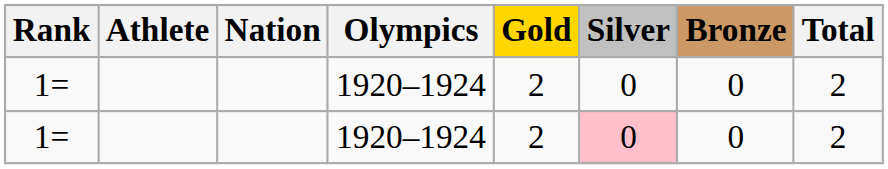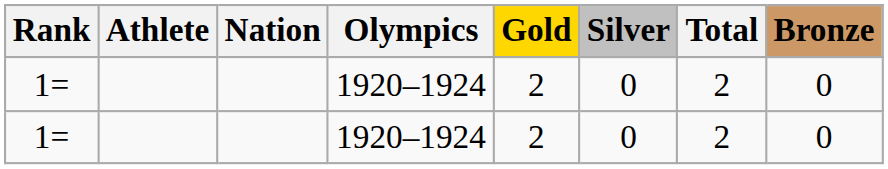 <table class="wikitable sortable" style="text-align:center">
 <tr>
 <th>Rank</th>
 <th>Athlete</th>
 <th>Nation</th>
 <th>Olympics</th>
 <th style="background-color:gold">Gold</th>
 <th style="background-color:silver">Silver</th>
+<th>Total</th>
 <th style="background-color:#cc9966">Bronze</th>
-<th>Total</th>
 </tr>
 <tr>
 <td>1=</td>
 <td></td>
 <td align=left></td>
 <td>1920–1924</td>
 <td>2</td>
 <td>0</td>
+<td>2</td>
 <td>0</td>
-<td>2</td>
 </tr>
 <tr>
 <td>1=</td>
 <td></td>
 <td align=left></td>
 <td>1920–1924</td>
 <td>2</td>
-<td style="background: pink;">0</td>
 <td>0</td>
 <td>2</td>
+<td>0</td>
 </tr>
 </table>
